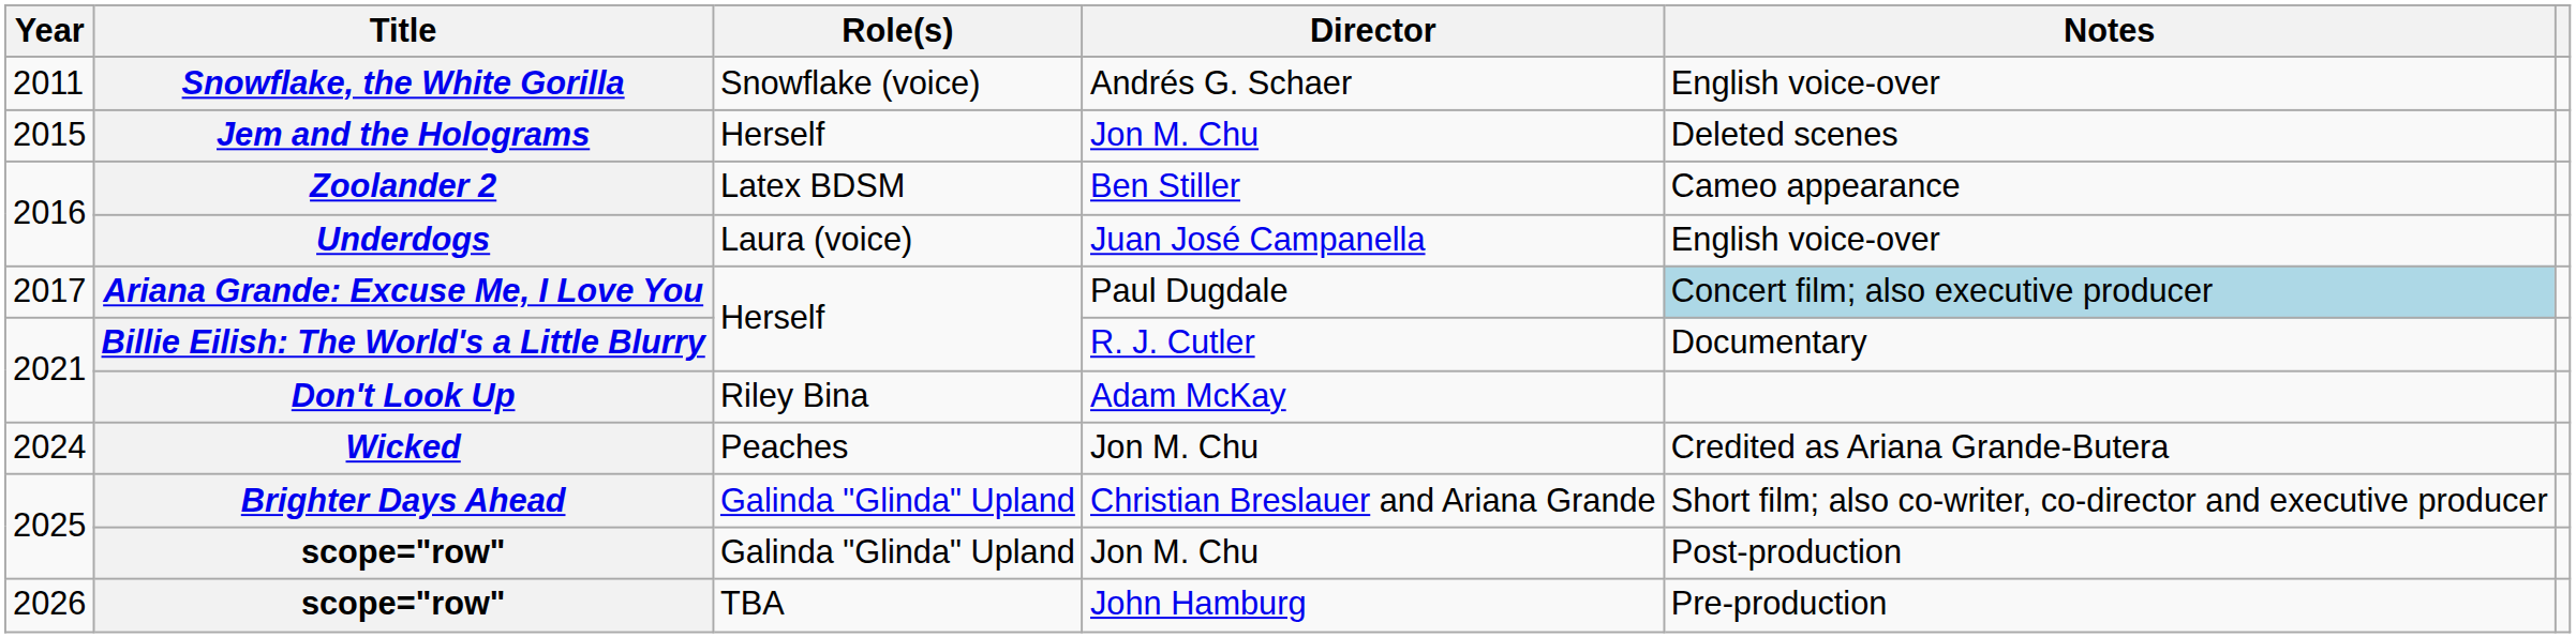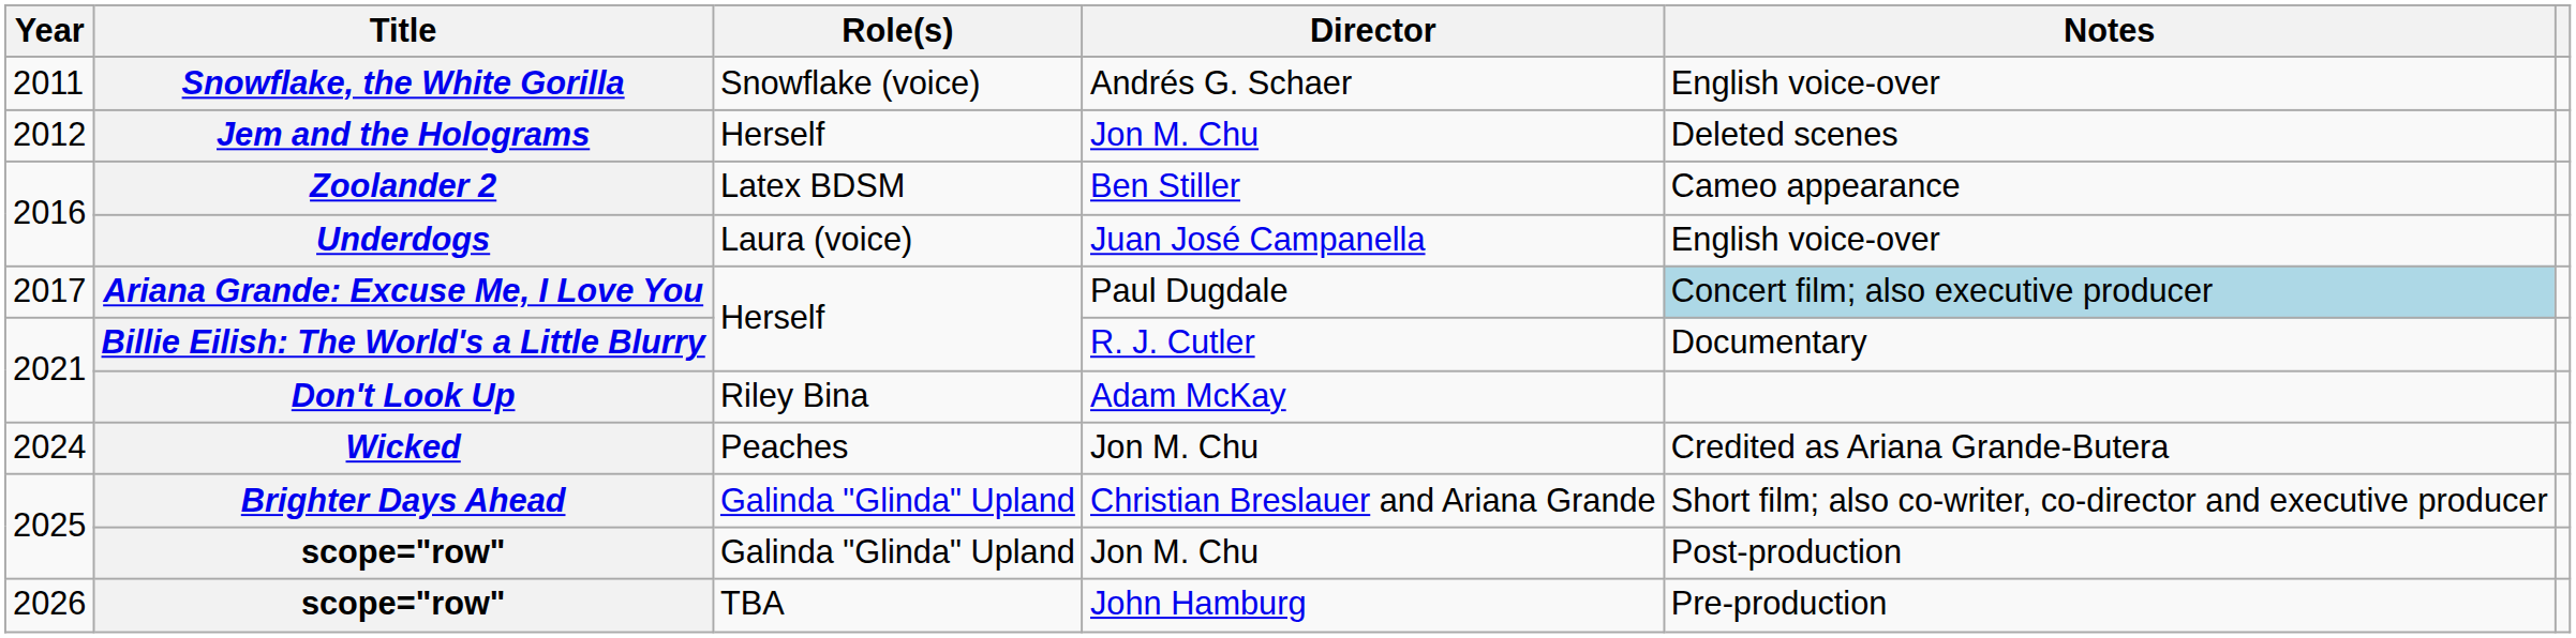 <table class="wikitable plainrowheaders sortable">
 <tr>
 <th scope="col">Year</th>
 <th scope="col">Title</th>
 <th scope="col">Role(s)</th>
 <th scope="col">Director</th>
 <th scope="col" class="unsortable">Notes</th>
 <th class="unsortable"></th>
 </tr>
 <tr>
 <td>2011</td>
 <th scope="row"><em><a href='#'>Snowflake, the White Gorilla</a></em></th>
 <td>Snowflake (voice)</td>
 <td>Andrés G. Schaer</td>
 <td>English voice-over</td>
 <td style="text-align:center"></td>
 </tr>
 <tr>
-<td rowspan="1">2015</td>
+<td rowspan="1">2012</td>
 <th scope="row"><em><a href='#'>Jem and the Holograms</a></em></th>
 <td>Herself</td>
 <td><a href='#'>Jon M. Chu</a></td>
 <td>Deleted scenes</td>
 <td style="text-align:center"></td>
 </tr>
 <tr>
 <td rowspan="2">2016</td>
 <th scope="row"><em><a href='#'>Zoolander 2</a></em></th>
 <td>Latex BDSM</td>
 <td><a href='#'>Ben Stiller</a></td>
 <td>Cameo appearance</td>
 <td style="text-align:center"></td>
 </tr>
 <tr>
 <th scope="row"><em><a href='#'>Underdogs</a></em></th>
 <td>Laura (voice)</td>
 <td><a href='#'>Juan José Campanella</a></td>
 <td>English voice-over</td>
 <td style="text-align:center"></td>
 </tr>
 <tr>
 <td>2017</td>
 <th scope="row"><em><a href='#'>Ariana Grande: Excuse Me, I Love You</a></em></th>
 <td rowspan="2">Herself</td>
 <td>Paul Dugdale</td>
 <td style="background: lightblue;">Concert film; also executive producer</td>
 <td style="text-align:center"></td>
 </tr>
 <tr>
 <td rowspan="2">2021</td>
 <th scope="row"><em><a href='#'>Billie Eilish: The World's a Little Blurry</a></em></th>
 <td><a href='#'>R. J. Cutler</a></td>
 <td>Documentary</td>
 <td style="text-align:center;"></td>
 </tr>
 <tr>
 <th scope="row"><em><a href='#'>Don't Look Up</a></em></th>
 <td>Riley Bina</td>
 <td><a href='#'>Adam McKay</a></td>
 <td></td>
 <td style="text-align:center"></td>
 </tr>
 <tr>
 <td>2024</td>
 <th scope="row"><em><a href='#'>Wicked</a></em></th>
 <td>Peaches</td>
 <td>Jon M. Chu</td>
 <td>Credited as Ariana Grande-Butera</td>
 <td style="text-align:center"></td>
 </tr>
 <tr>
 <td rowspan="2">2025</td>
 <th scope="row"><em><a href='#'>Brighter Days Ahead</a></em></th>
 <td><a href='#'>Galinda "Glinda" Upland</a></td>
 <td><a href='#'>Christian Breslauer</a> and Ariana Grande</td>
 <td>Short film; also co-writer, co-director and executive producer</td>
 <td style="text-align:center"></td>
 </tr>
 <tr>
 <th>scope="row" </th>
 <td>Galinda "Glinda" Upland</td>
 <td>Jon M. Chu</td>
 <td>Post-production</td>
 <td style="text-align:center"></td>
 </tr>
 <tr>
 <td>2026</td>
 <th>scope="row" </th>
 <td>TBA</td>
 <td><a href='#'>John Hamburg</a></td>
 <td>Pre-production</td>
 <td style="text-align:center"></td>
 </tr>
 </table>
